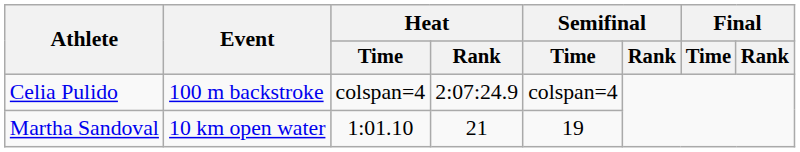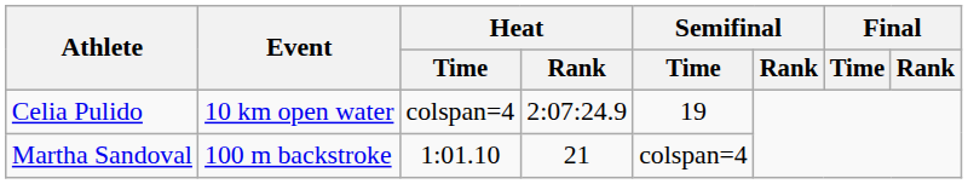 <table class=wikitable style="font-size:90%;">
 <tr>
 <th rowspan=2>Athlete</th>
 <th rowspan=2>Event</th>
 <th colspan=2>Heat</th>
 <th colspan=2>Semifinal</th>
 <th colspan=2>Final</th>
 </tr>
 <tr style="font-size:95%">
 <th>Time</th>
 <th>Rank</th>
 <th>Time</th>
 <th>Rank</th>
 <th>Time</th>
 <th>Rank</th>
 </tr>
 <tr align=center>
 <td align=left><a href='#'>Celia Pulido</a></td>
-<td align=left><a href='#'>100 m backstroke</a></td>
+<td align=left><a href='#'>10 km open water</a></td>
 <td>colspan=4 </td>
 <td>2:07:24.9</td>
-<td>colspan=4</td>
+<td>19</td>
 </tr>
 <tr align=center>
 <td align=left><a href='#'>Martha Sandoval</a></td>
-<td align=left><a href='#'>10 km open water</a></td>
+<td align=left><a href='#'>100 m backstroke</a></td>
 <td>1:01.10</td>
 <td>21</td>
-<td>19</td>
+<td>colspan=4</td>
 </tr>
 </table>
